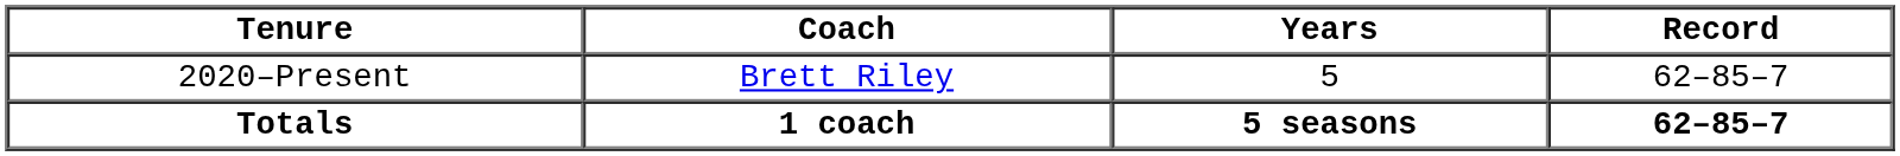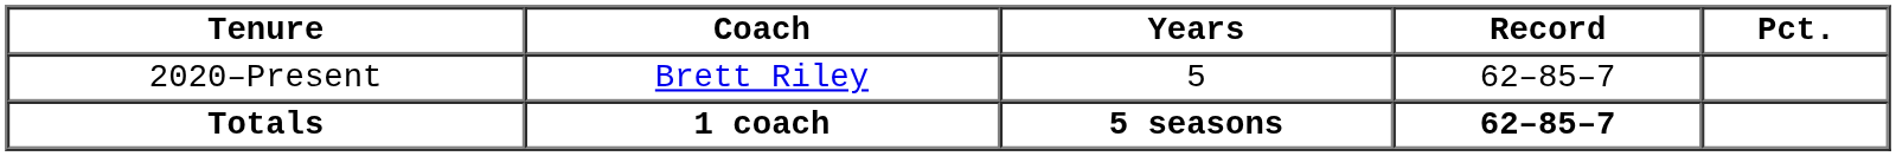 <table cellpadding="1" border="1" cellspacing="0" width="60%">
 <tr>
 <th>Tenure</th>
 <th>Coach</th>
 <th>Years</th>
 <th>Record</th>
+<th>Pct.</th>
 </tr>
 <tr align="center">
 <td>2020–Present</td>
 <td><a href='#'>Brett Riley</a></td>
 <td>5</td>
 <td>62–85–7</td>
+<td></td>
 </tr>
 <tr align="center">
 <th>Totals</th>
 <th>1 coach</th>
 <th>5 seasons</th>
 <th>62–85–7</th>
+<th></th>
 </tr>
 </table>
